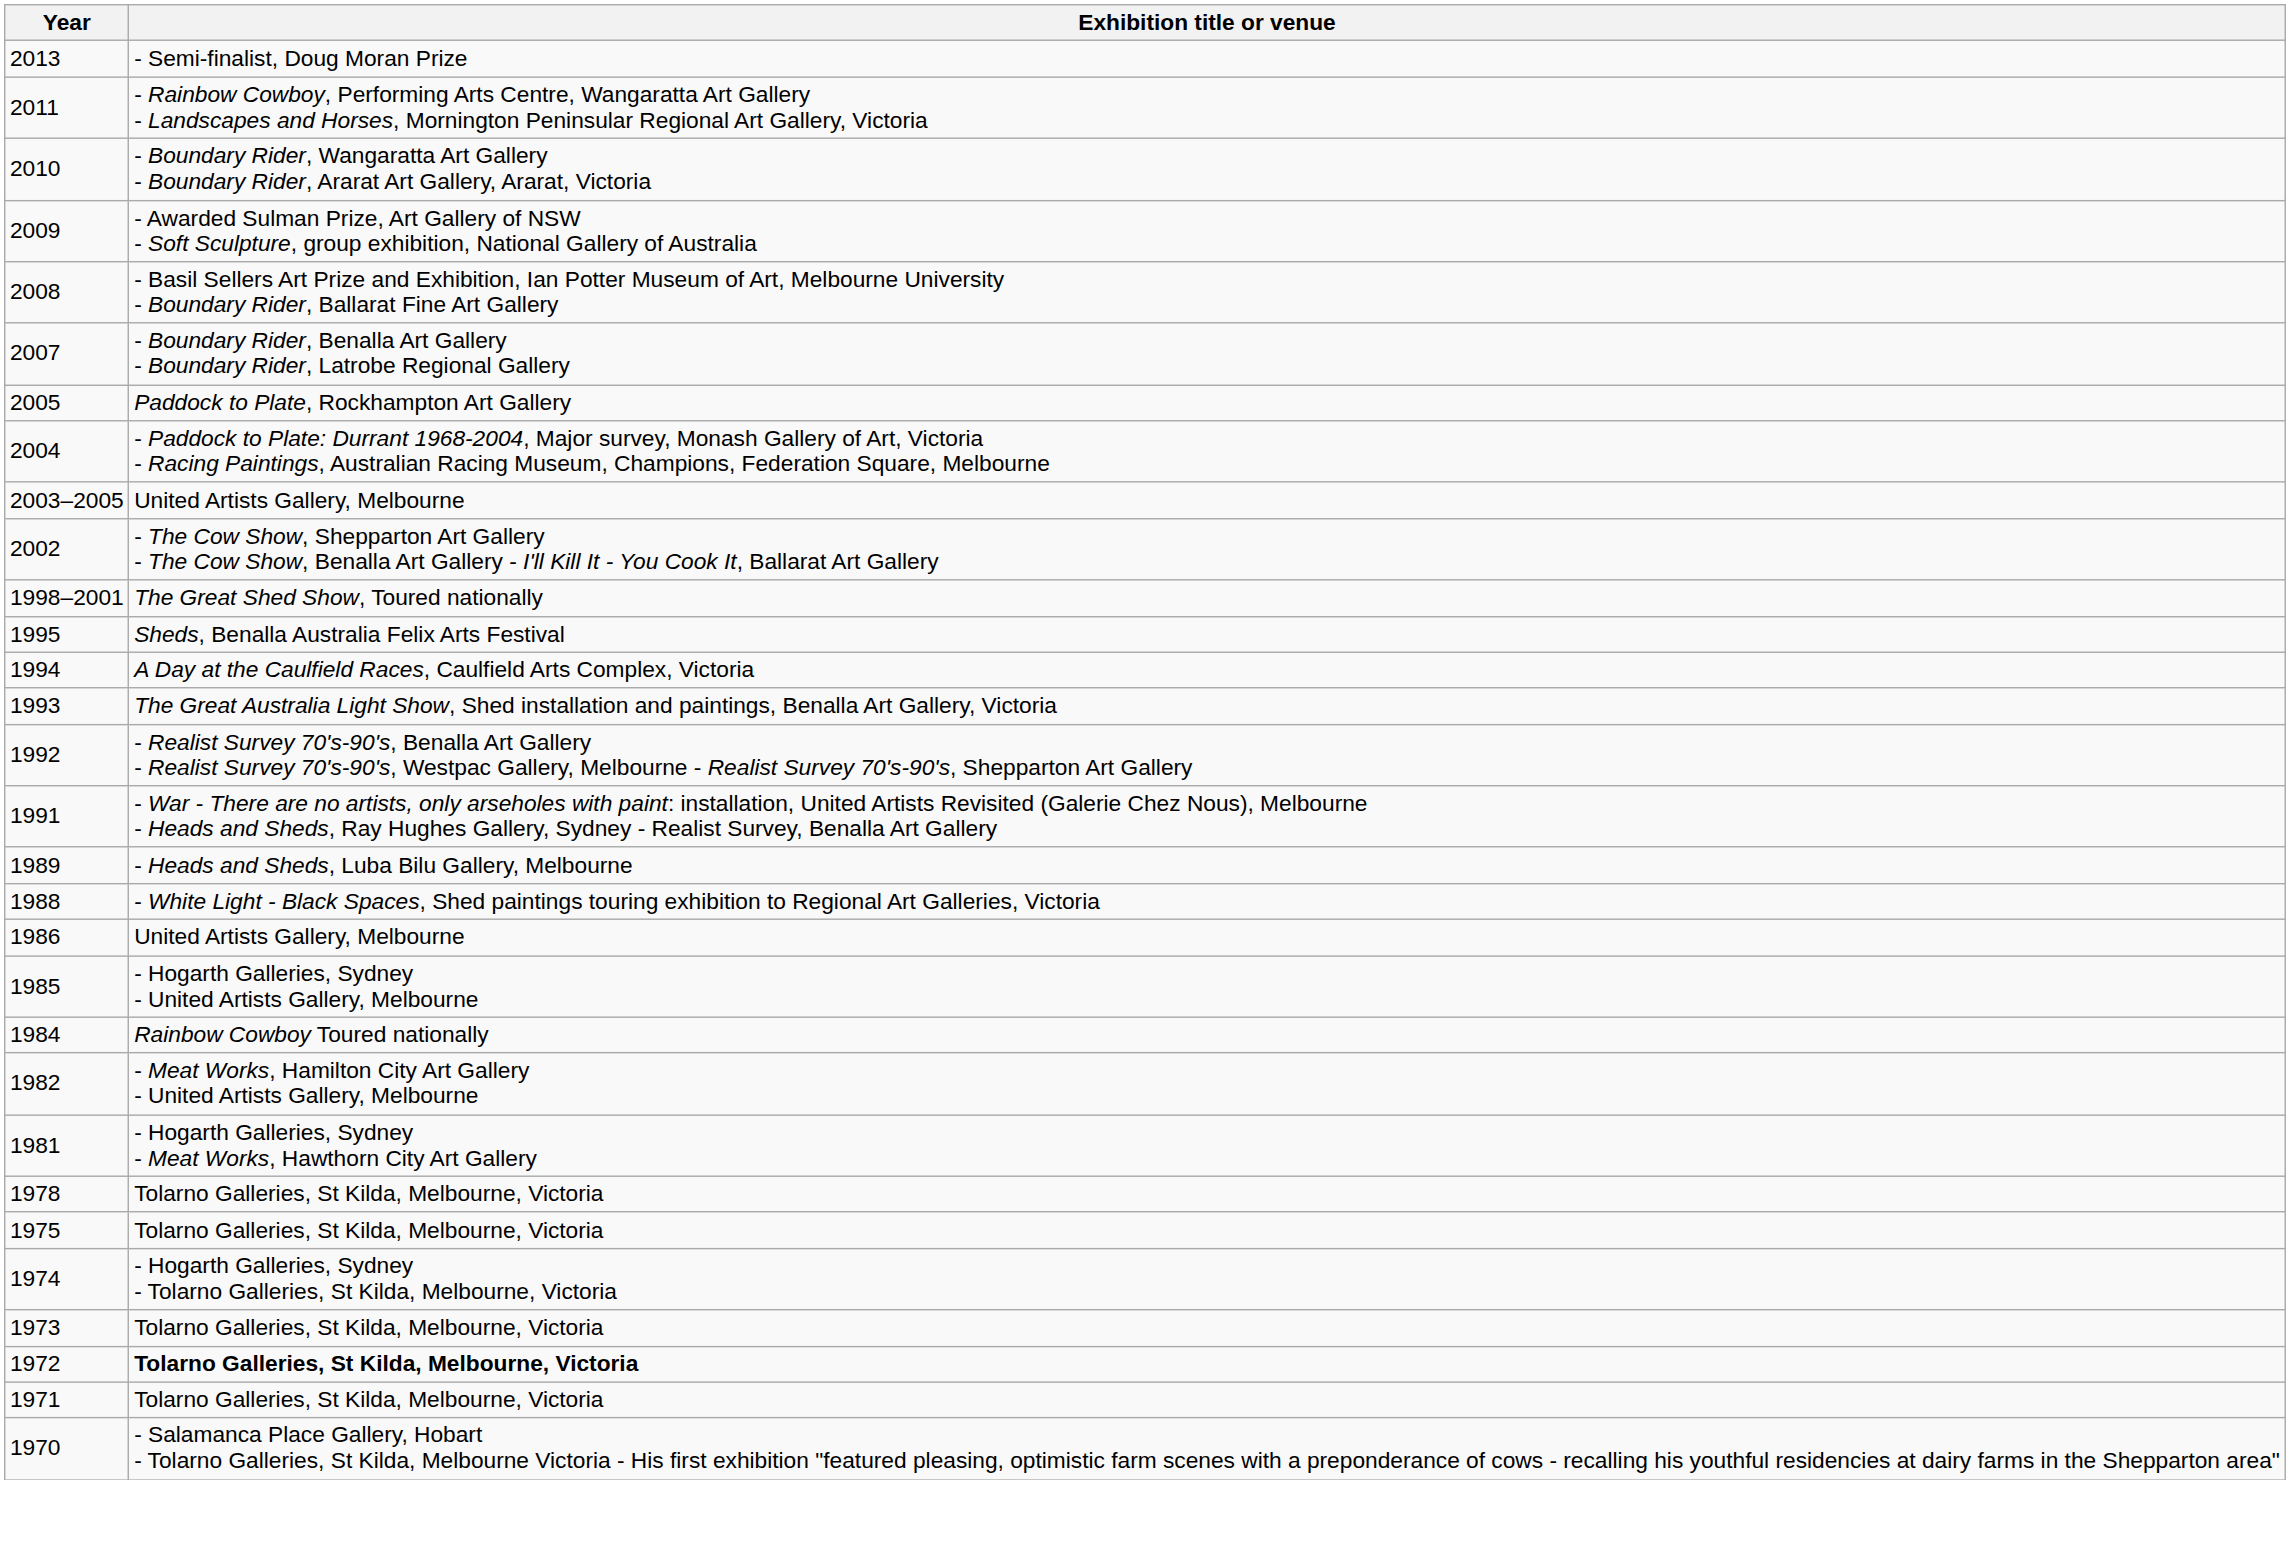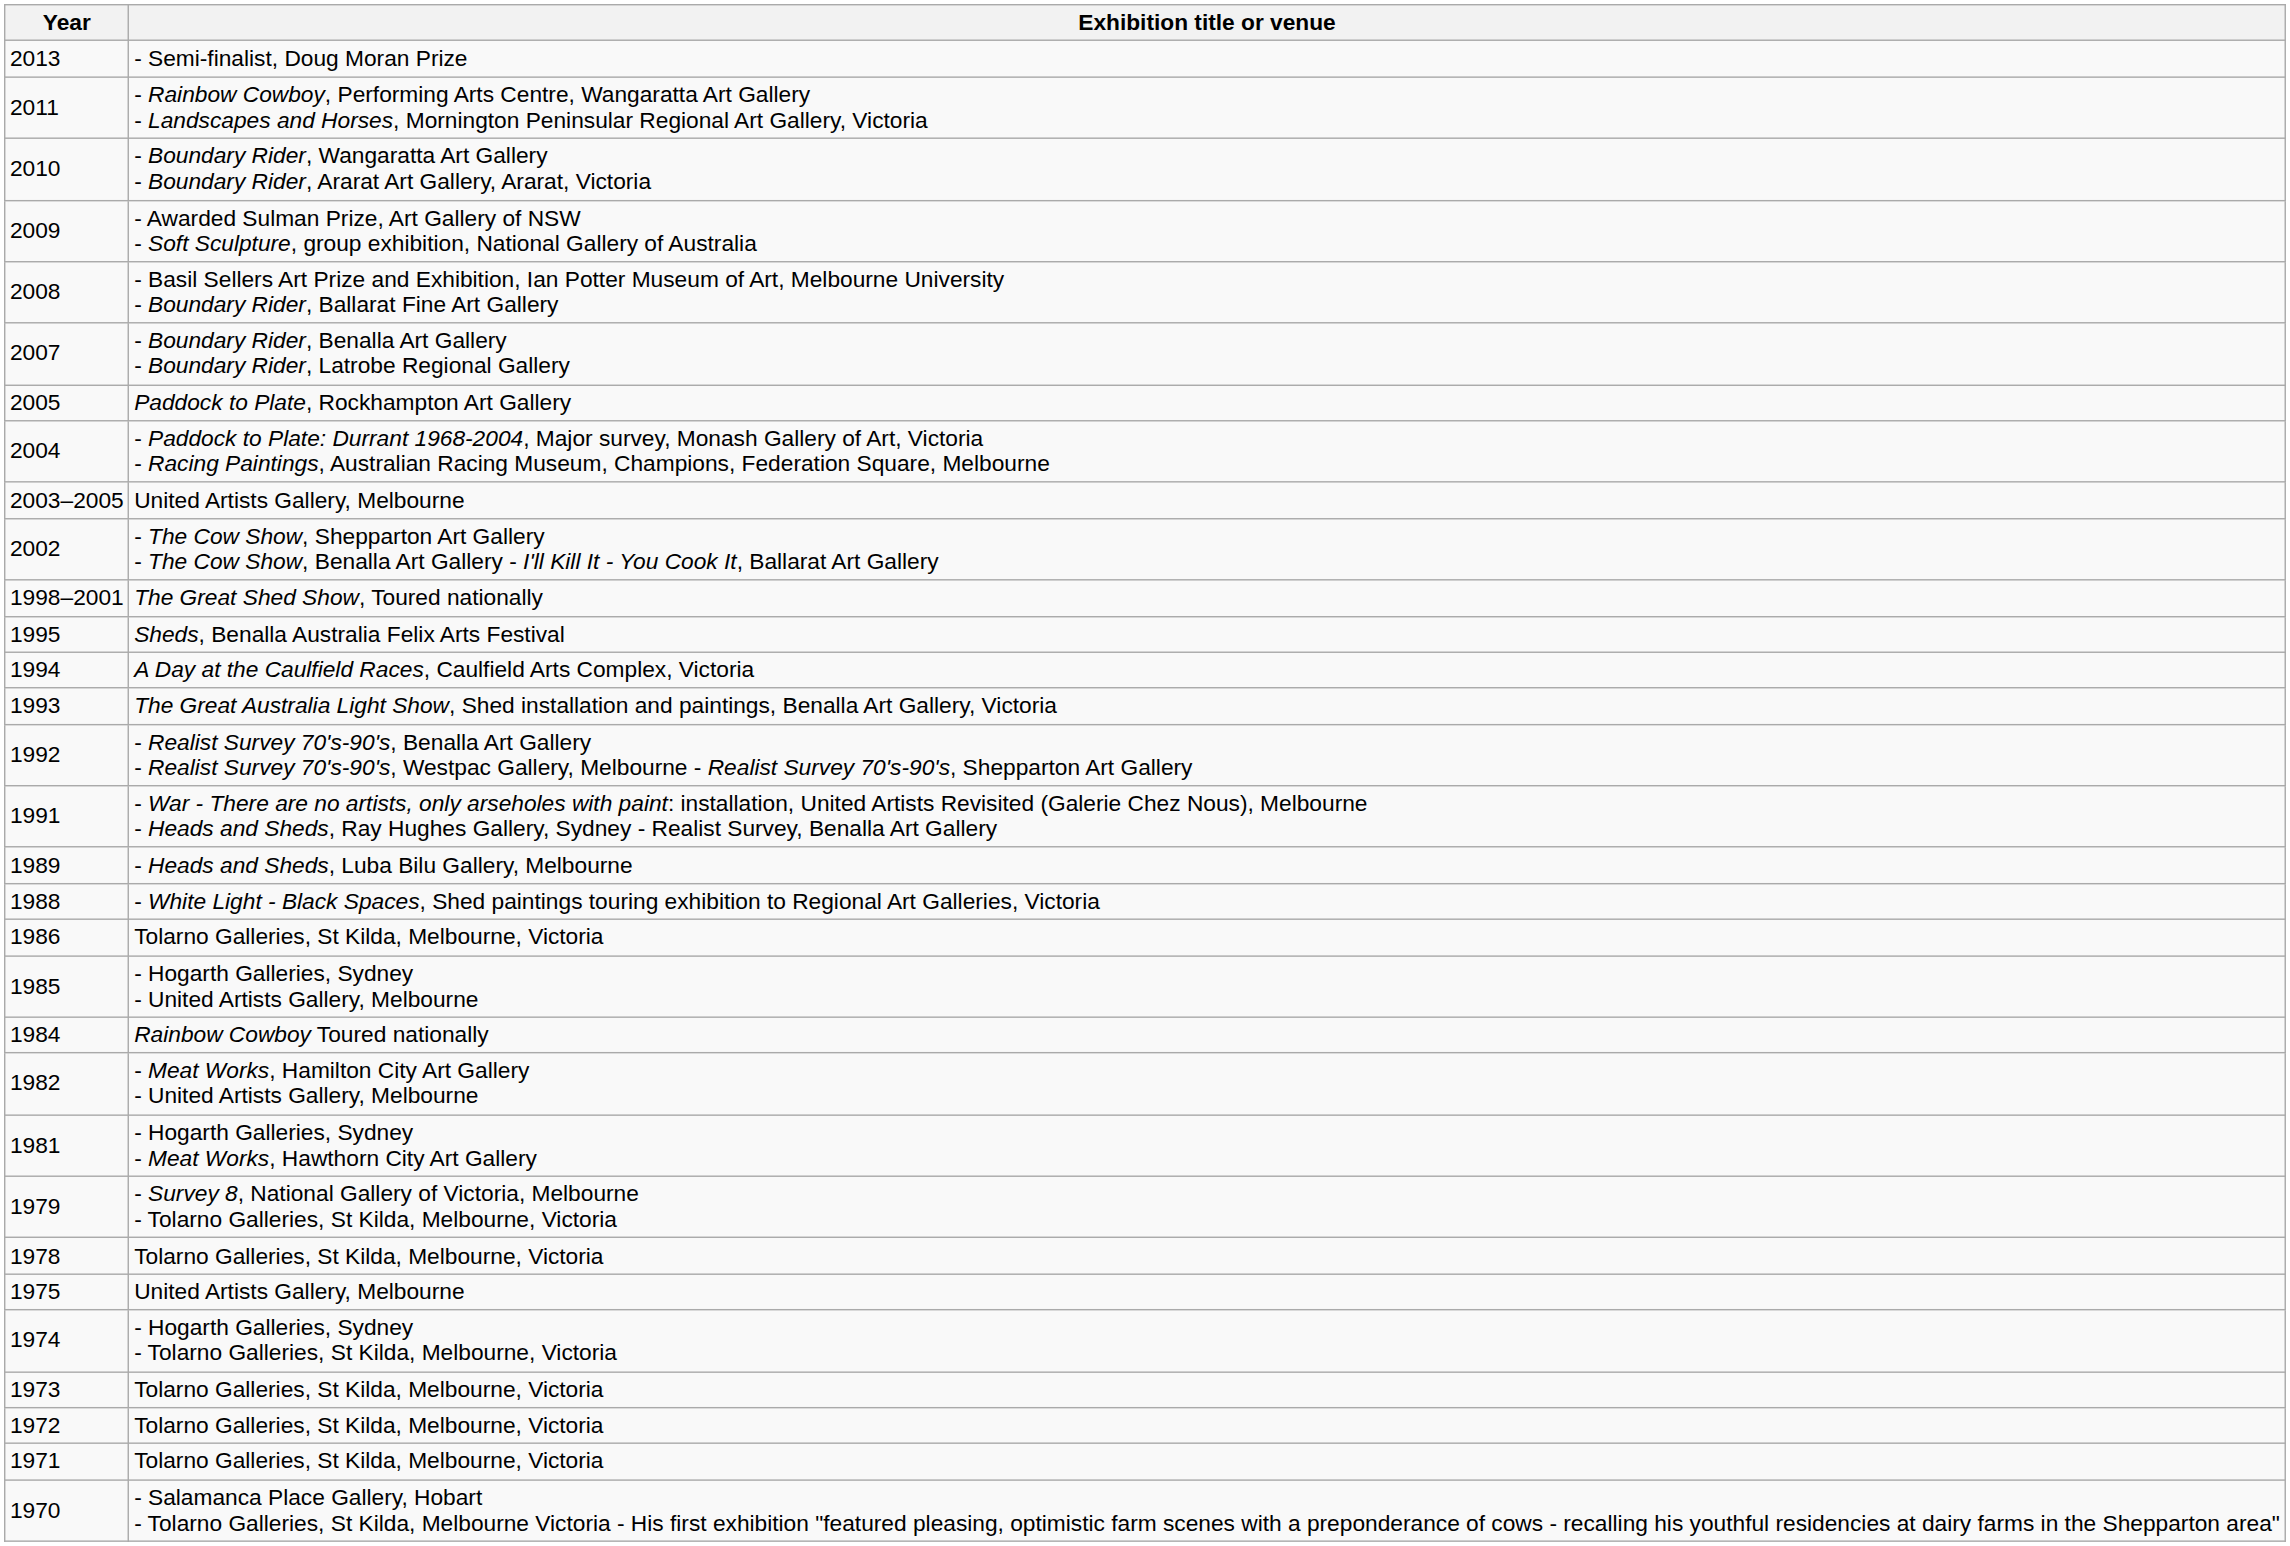 <table class="wikitable">
 <tr>
 <th>Year</th>
 <th>Exhibition title or venue</th>
 </tr>
 <tr>
 <td>2013</td>
 <td>- Semi-finalist, Doug Moran Prize</td>
 </tr>
 <tr>
 <td>2011</td>
 <td>- <em>Rainbow Cowboy</em>, Performing Arts Centre, Wangaratta Art Gallery<br>- <em>Landscapes and Horses</em>, Mornington Peninsular Regional Art Gallery, Victoria</td>
 </tr>
 <tr>
 <td>2010</td>
 <td>- <em>Boundary Rider</em>, Wangaratta Art Gallery<br>- <em>Boundary Rider</em>, Ararat Art Gallery, Ararat, Victoria</td>
 </tr>
 <tr>
 <td>2009</td>
 <td>- Awarded Sulman Prize, Art Gallery of NSW<br>- <em>Soft Sculpture</em>, group exhibition, National Gallery of Australia</td>
 </tr>
 <tr>
 <td>2008</td>
 <td>- Basil Sellers Art Prize and Exhibition, Ian Potter Museum of Art, Melbourne University<br>- <em>Boundary Rider</em>, Ballarat Fine Art Gallery</td>
 </tr>
 <tr>
 <td>2007</td>
 <td>- <em>Boundary Rider</em>, Benalla Art Gallery<br>- <em>Boundary Rider</em>,  Latrobe Regional Gallery</td>
 </tr>
 <tr>
 <td>2005</td>
 <td><em>Paddock to Plate</em>, Rockhampton Art Gallery</td>
 </tr>
 <tr>
 <td>2004</td>
 <td>- <em>Paddock to Plate: Durrant 1968-2004</em>, Major survey, Monash Gallery of Art, Victoria<br>- <em>Racing Paintings</em>, Australian Racing Museum, Champions, Federation Square, Melbourne</td>
 </tr>
 <tr>
 <td>2003–2005</td>
 <td>United Artists Gallery, Melbourne</td>
 </tr>
 <tr>
 <td>2002</td>
 <td>- <em>The Cow Show</em>, Shepparton Art Gallery<br>- <em>The Cow Show</em>, Benalla Art Gallery - <em>I'll Kill It - You Cook It</em>, Ballarat Art Gallery</td>
 </tr>
 <tr>
 <td>1998–2001</td>
 <td><em>The Great Shed Show</em>, Toured nationally</td>
 </tr>
 <tr>
 <td>1995</td>
 <td><em>Sheds</em>, Benalla Australia Felix Arts Festival</td>
 </tr>
 <tr>
 <td>1994</td>
 <td><em>A Day at the Caulfield Races</em>, Caulfield Arts Complex, Victoria</td>
 </tr>
 <tr>
 <td>1993</td>
 <td><em>The Great Australia Light Show</em>, Shed installation and paintings, Benalla Art Gallery, Victoria</td>
 </tr>
 <tr>
 <td>1992</td>
 <td>- <em>Realist Survey 70's-90's</em>, Benalla Art Gallery<br>- <em>Realist Survey 70's-90's</em>, Westpac Gallery, Melbourne - <em>Realist Survey 70's-90's</em>, Shepparton Art Gallery</td>
 </tr>
 <tr>
 <td>1991</td>
 <td>- <em>War - There are no artists, only arseholes with paint</em>: installation, United Artists Revisited (Galerie Chez Nous), Melbourne<br>- <em>Heads and Sheds</em>, Ray Hughes Gallery, Sydney - Realist Survey, Benalla Art Gallery</td>
 </tr>
 <tr>
 <td>1989</td>
 <td>- <em>Heads and Sheds</em>, Luba Bilu Gallery, Melbourne</td>
 </tr>
 <tr>
 <td>1988</td>
 <td>- <em>White Light - Black Spaces</em>, Shed paintings touring exhibition to Regional Art Galleries, Victoria</td>
 </tr>
 <tr>
 <td>1986</td>
-<td>United Artists Gallery, Melbourne</td>
+<td>Tolarno Galleries, St Kilda, Melbourne, Victoria</td>
 </tr>
 <tr>
 <td>1985</td>
 <td>- Hogarth Galleries, Sydney<br>- United Artists Gallery, Melbourne</td>
 </tr>
 <tr>
 <td>1984</td>
 <td><em>Rainbow Cowboy</em> Toured nationally</td>
 </tr>
 <tr>
 <td>1982</td>
 <td>- <em>Meat Works</em>, Hamilton City Art Gallery<br>- United Artists Gallery, Melbourne</td>
 </tr>
 <tr>
 <td>1981</td>
 <td>- Hogarth Galleries, Sydney<br>- <em>Meat Works</em>, Hawthorn City Art Gallery</td>
 </tr>
 <tr>
+<td>1979</td>
+<td>- <em>Survey 8</em>, National Gallery of Victoria, Melbourne<br>- Tolarno Galleries, St Kilda, Melbourne, Victoria</td>
+</tr>
+<tr>
 <td>1978</td>
 <td>Tolarno Galleries, St Kilda, Melbourne, Victoria</td>
 </tr>
 <tr>
 <td>1975</td>
-<td>Tolarno Galleries, St Kilda, Melbourne, Victoria</td>
+<td>United Artists Gallery, Melbourne</td>
 </tr>
 <tr>
 <td>1974</td>
 <td>- Hogarth Galleries, Sydney<br>- Tolarno Galleries, St Kilda, Melbourne, Victoria</td>
 </tr>
 <tr>
 <td>1973</td>
 <td>Tolarno Galleries, St Kilda, Melbourne, Victoria</td>
 </tr>
 <tr>
 <td>1972</td>
-<td><strong>Tolarno Galleries, St Kilda, Melbourne, Victoria</strong></td>
+<td>Tolarno Galleries, St Kilda, Melbourne, Victoria</td>
 </tr>
 <tr>
 <td>1971</td>
 <td>Tolarno Galleries, St Kilda, Melbourne, Victoria</td>
 </tr>
 <tr>
 <td>1970</td>
 <td>- Salamanca Place Gallery, Hobart<br>- Tolarno Galleries, St Kilda, Melbourne Victoria - His first exhibition "featured pleasing, optimistic farm scenes with a preponderance of cows - recalling his youthful residencies at dairy farms in the Shepparton area" </td>
 </tr>
 </table>
